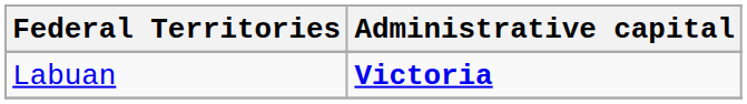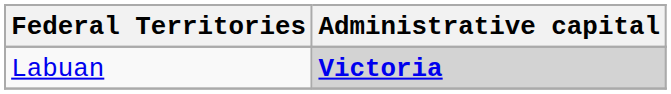 <table class="wikitable">
 <tr>
 <th>Federal Territories</th>
 <th>Administrative capital</th>
 </tr>
 <tr>
 </tr>
 <tr>
 <td> <a href='#'>Labuan</a></td>
-<td><strong><a href='#'>Victoria</a></strong></td>
+<td style="background: lightgrey;"><strong><a href='#'>Victoria</a></strong></td>
 </tr>
 <tr>
 </tr>
 </table>
